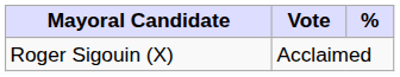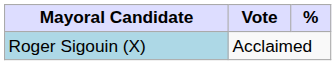 <table class="wikitable">
 <tr>
 <th style="background:#ddf; width:200px;">Mayoral Candidate </th>
 <th style="background:#ddf; width:50px;">Vote</th>
 <th style="background:#ddf; width:30px;">%</th>
 </tr>
 <tr>
-<td>Roger Sigouin (X)</td>
+<td style="background: lightblue;">Roger Sigouin (X)</td>
 <td colspan="2">Acclaimed</td>
 </tr>
 </table>
